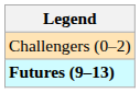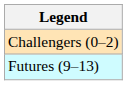 <table class="wikitable collapsible collapsed" style=font-size:97%>
 <tr>
 <th>Legend</th>
 </tr>
 <tr bgcolor=moccasin>
 <td>Challengers (0–2)</td>
 </tr>
 <tr bgcolor=CFFCFF>
-<td><strong>Futures (9–13)</strong></td>
+<td>Futures (9–13)</td>
 </tr>
 </table>
